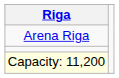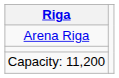 <table class="wikitable" style="text-align:center; margin:1em auto;">
 <tr>
 <th><a href='#'>Riga</a></th>
 <td rowspan=4></td>
 </tr>
 <tr>
 <td><a href='#'>Arena Riga</a></td>
 </tr>
 <tr>
 <td></td>
 </tr>
 <tr>
-<td style="background: lightyellow;">Capacity: 11,200</td>
+<td>Capacity: 11,200</td>
 </tr>
 </table>
